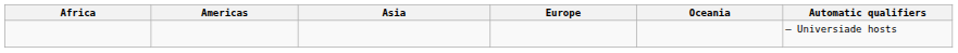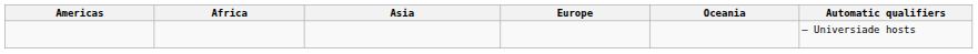 <table class=wikitable width=100%>
 <tr>
+<th width=13%>Americas</th>
 <th width=13%>Africa</th>
-<th width=13%>Americas</th>
 <th width=17%>Asia</th>
 <th width=13%>Europe</th>
 <th width=13%>Oceania</th>
 <th width=15%>Automatic qualifiers</th>
 </tr>
 <tr valign=top>
 <td></td>
 <td></td>
 <td><br></td>
 <td><br><br>   </td>
 <td></td>
 <td> – Universiade hosts</td>
 </tr>
 </table>
